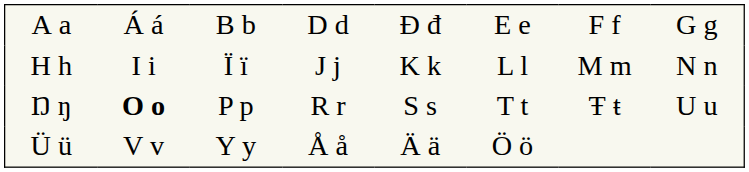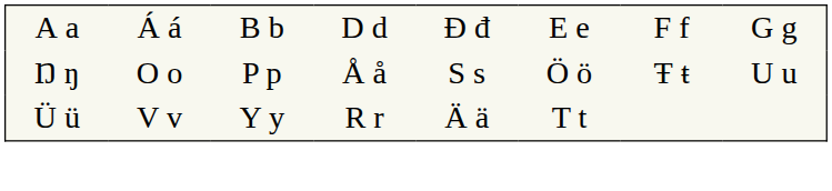 <table style="font-family:Arial Unicode MS; font-size:1.4em; border-color:#000000; border-width:1px; border-style:solid; border-collapse:collapse; background-color:#F8F8EF">
 <tr>
 <td style="width:3em; text-align:center; padding: 3px;">А а</td>
 <td style="width:3em; text-align:center; padding: 3px;">Á á</td>
 <td style="width:3em; text-align:center; padding: 3px;">B b</td>
 <td style="width:3em; text-align:center; padding: 3px;">D d</td>
 <td style="width:3em; text-align:center; padding: 3px;">Đ đ</td>
 <td style="width:3em; text-align:center; padding: 3px;">E e</td>
 <td style="width:3em; text-align:center; padding: 3px;">F f</td>
 <td style="width:3em; text-align:center; padding: 3px;">G g</td>
 </tr>
 <tr>
-<td style="width:3em; text-align:center; padding: 3px;">H h</td>
-<td style="width:3em; text-align:center; padding: 3px;">I i</td>
-<td style="width:3em; text-align:center; padding: 3px;">Ï ï</td>
-<td style="width:3em; text-align:center; padding: 3px;">J j</td>
-<td style="width:3em; text-align:center; padding: 3px;">K k</td>
-<td style="width:3em; text-align:center; padding: 3px;">L l</td>
-<td style="width:3em; text-align:center; padding: 3px;">M m</td>
-<td style="width:3em; text-align:center; padding: 3px;">N n</td>
-</tr>
-<tr>
 <td style="width:3em; text-align:center; padding: 3px;">Ŋ ŋ</td>
-<td style="width:3em; text-align:center; padding: 3px;"><strong>O o</strong></td>
+<td style="width:3em; text-align:center; padding: 3px;">O o</td>
 <td style="width:3em; text-align:center; padding: 3px;">P p</td>
-<td style="width:3em; text-align:center; padding: 3px;">R r</td>
+<td style="width:3em; text-align:center; padding: 3px;">Å å</td>
 <td style="width:3em; text-align:center; padding: 3px;">S s</td>
-<td style="width:3em; text-align:center; padding: 3px;">T t</td>
+<td style="width:3em; text-align:center; padding: 3px;">Ö ö</td>
 <td style="width:3em; text-align:center; padding: 3px;">Ŧ ŧ</td>
 <td style="width:3em; text-align:center; padding: 3px;">U u</td>
 </tr>
 <tr>
 <td style="width:3em; text-align:center; padding: 3px;">Ü ü</td>
 <td style="width:3em; text-align:center; padding: 3px;">V v</td>
 <td style="width:3em; text-align:center; padding: 3px;">Y y</td>
-<td style="width:3em; text-align:center; padding: 3px;">Å å</td>
+<td style="width:3em; text-align:center; padding: 3px;">R r</td>
 <td style="width:3em; text-align:center; padding: 3px;">Ä ä</td>
-<td style="width:3em; text-align:center; padding: 3px;">Ö ö</td>
+<td style="width:3em; text-align:center; padding: 3px;">T t</td>
 <td></td>
 <td></td>
 </tr>
 </table>
